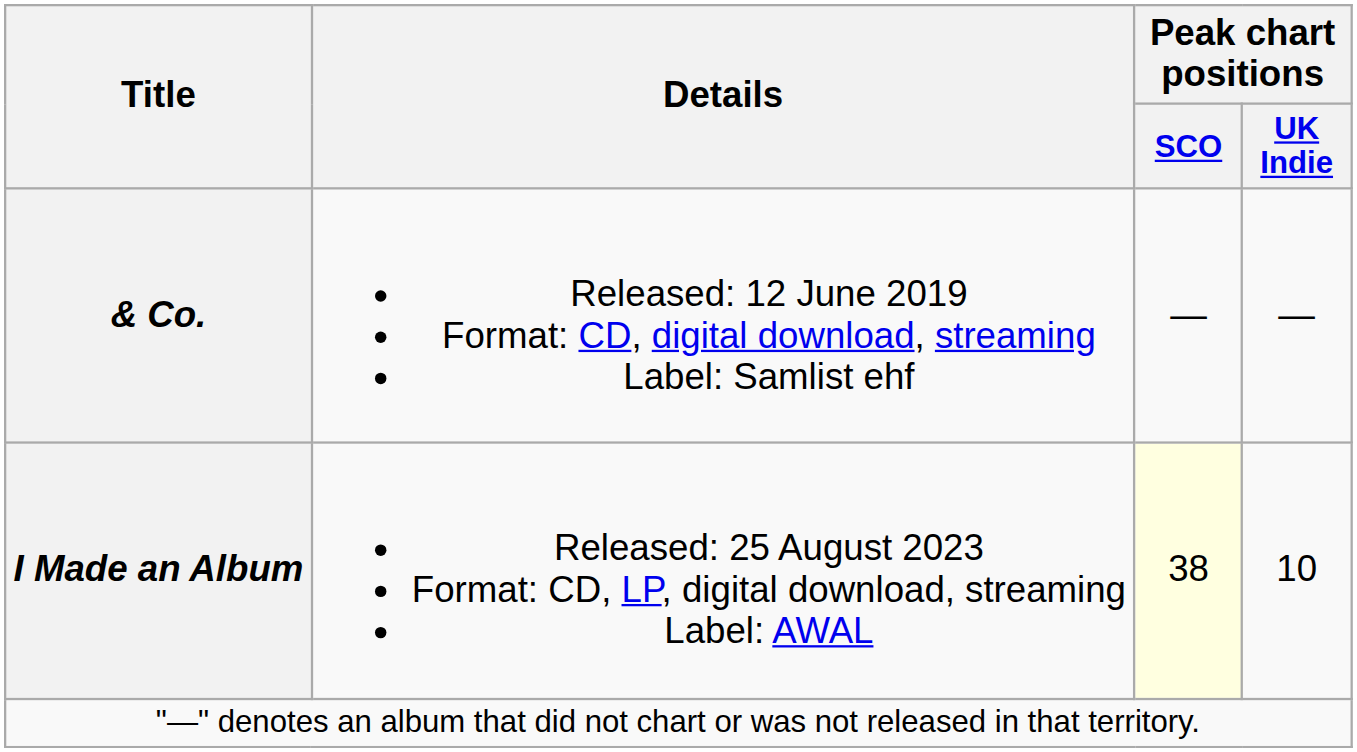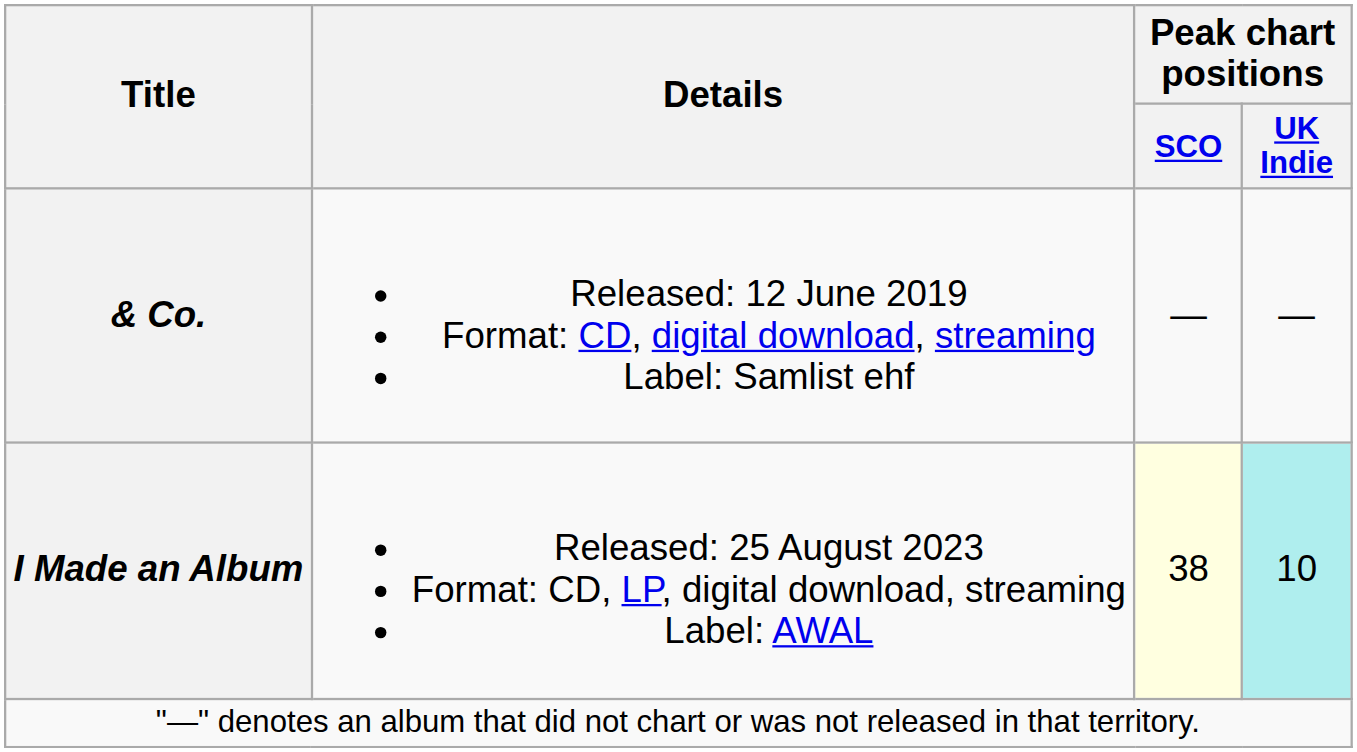 <table class="wikitable plainrowheaders" style="text-align:center;">
 <tr>
 <th scope="col" rowspan="2">Title</th>
 <th scope="col" rowspan="2">Details</th>
 <th scope="col" colspan="2">Peak chart positions</th>
 </tr>
 <tr>
 <th scope="col" style="width:3em;font-size:85%;"><a href='#'>SCO</a><br></th>
 <th scope="col" style="width:3em;font-size:85%;"><a href='#'>UK<br>Indie</a><br></th>
 </tr>
 <tr>
 <th scope="row"><em>& Co.</em></th>
 <td><br><ul><li>Released: 12 June 2019</li><li>Format: <a href='#'>CD</a>, <a href='#'>digital download</a>, <a href='#'>streaming</a></li><li>Label: Samlist ehf</li></ul></td>
 <td>—</td>
 <td>—</td>
 </tr>
 <tr>
 <th scope="row"><em>I Made an Album</em></th>
 <td><br><ul><li>Released: 25 August 2023</li><li>Format: CD, <a href='#'>LP</a>, digital download, streaming</li><li>Label: <a href='#'>AWAL</a></li></ul></td>
 <td style="background: lightyellow;">38</td>
-<td>10</td>
+<td style="background: paleturquoise;">10</td>
 </tr>
 <tr>
 <td colspan="7" style="font-size:85%">"—" denotes an album that did not chart or was not released in that territory.</td>
 </tr>
 </table>
